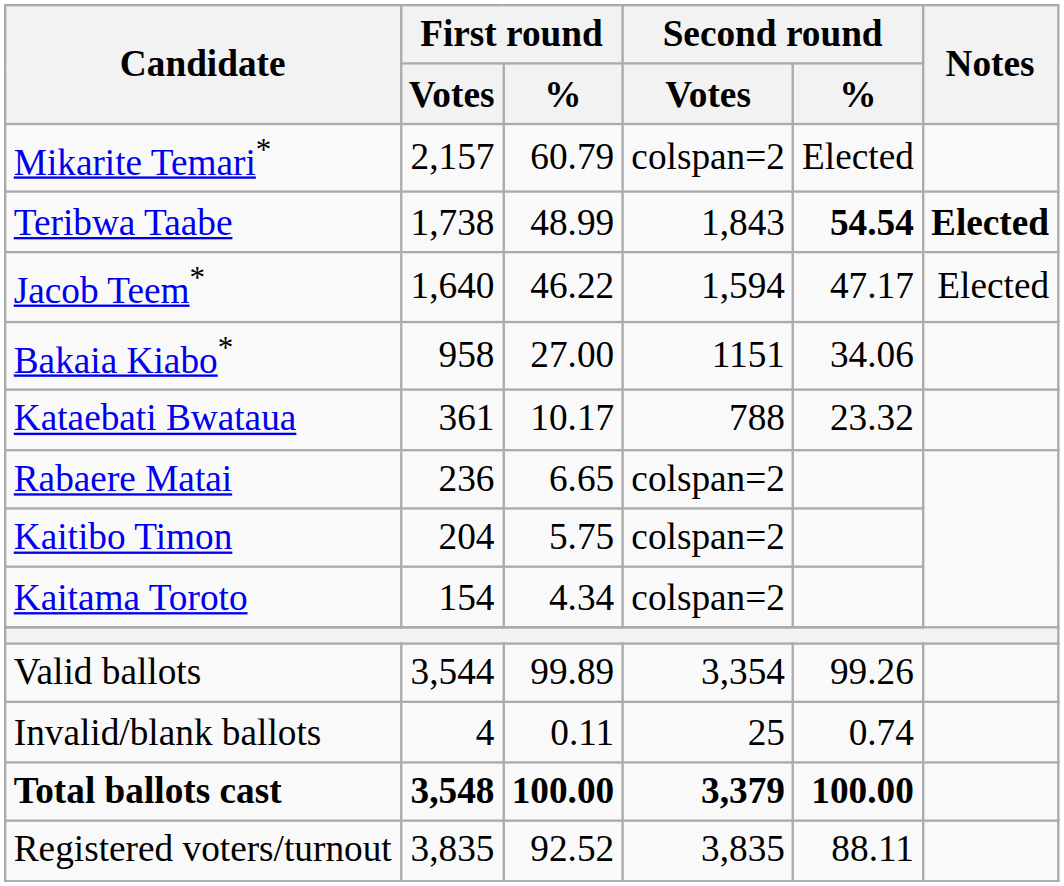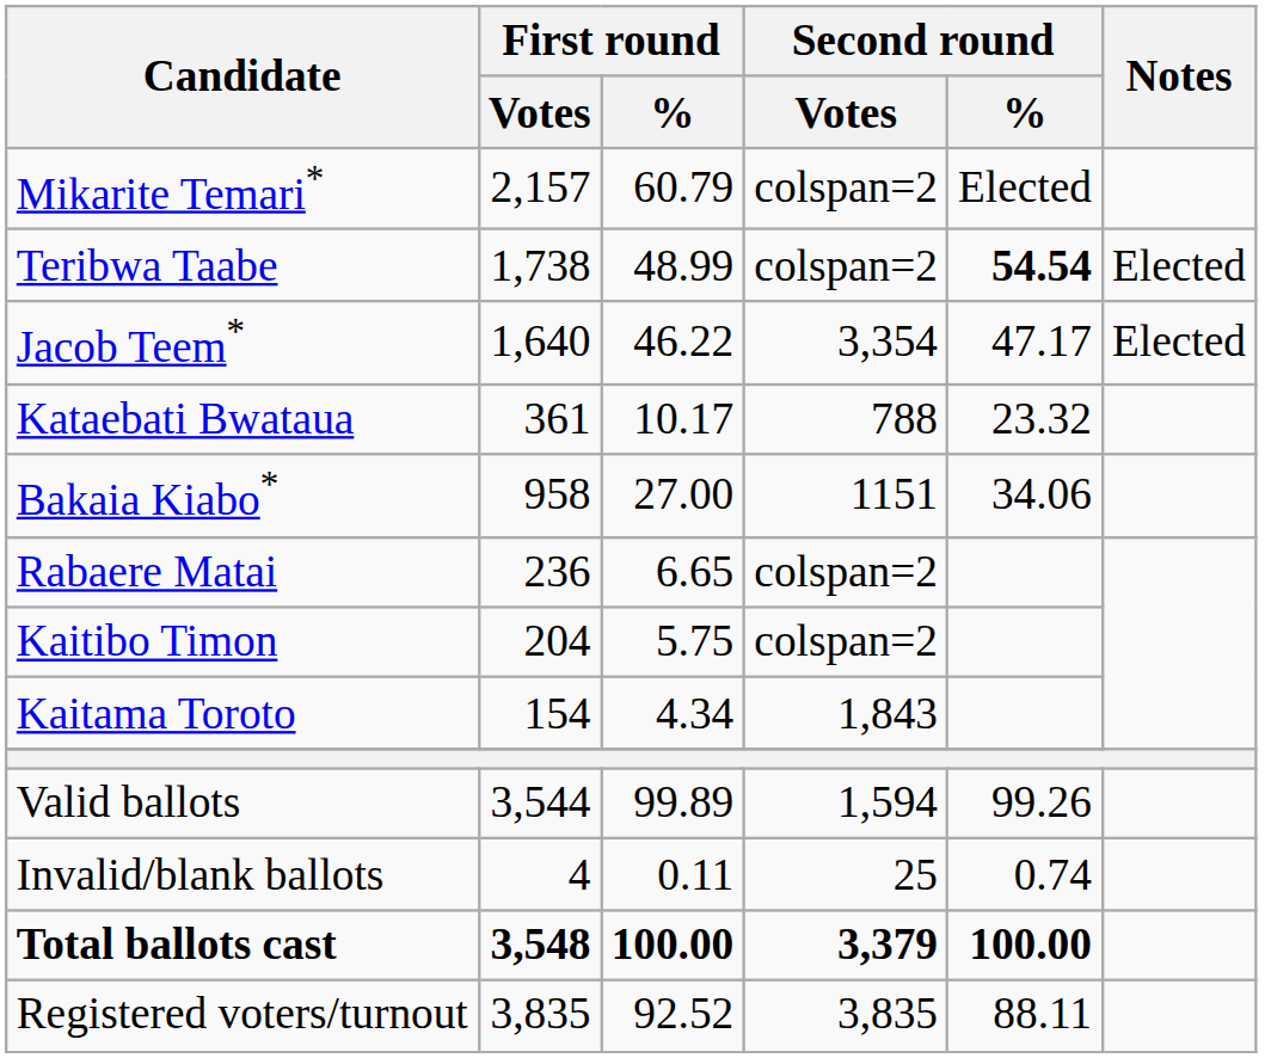 <table class=wikitable style=text-align:right>
 <tr>
 <th rowspan=2>Candidate</th>
 <th colspan=2>First round</th>
 <th colspan=2>Second round</th>
 <th rowspan=2>Notes</th>
 </tr>
 <tr>
 <th>Votes</th>
 <th>%</th>
 <th>Votes</th>
 <th>%</th>
 </tr>
 <tr>
 <td align=left><a href='#'>Mikarite Temari</a><sup>*</sup></td>
 <td>2,157</td>
 <td>60.79</td>
 <td>colspan=2 </td>
 <td>Elected</td>
 </tr>
 <tr>
 <td align=left><a href='#'>Teribwa Taabe</a></td>
 <td>1,738</td>
 <td>48.99</td>
-<td>1,843</td>
+<td>colspan=2 </td>
 <td><strong>54.54</strong></td>
-<td><strong>Elected</strong></td>
+<td>Elected</td>
 </tr>
 <tr>
 <td align=left><a href='#'>Jacob Teem</a><sup>*</sup></td>
 <td>1,640</td>
 <td>46.22</td>
-<td>1,594</td>
+<td>3,354</td>
 <td>47.17</td>
 <td>Elected</td>
+</tr>
+<tr>
+<td align=left><a href='#'>Kataebati Bwataua</a></td>
+<td>361</td>
+<td>10.17</td>
+<td>788</td>
+<td>23.32</td>
+<td></td>
 </tr>
 <tr>
 <td align=left><a href='#'>Bakaia Kiabo</a><sup>*</sup></td>
 <td>958</td>
 <td>27.00</td>
 <td>1151</td>
 <td>34.06</td>
-<td></td>
-</tr>
-<tr>
-<td align=left><a href='#'>Kataebati Bwataua</a></td>
-<td>361</td>
-<td>10.17</td>
-<td>788</td>
-<td>23.32</td>
 <td></td>
 </tr>
 <tr>
 <td align=left><a href='#'>Rabaere Matai</a></td>
 <td>236</td>
 <td>6.65</td>
 <td>colspan=2 </td>
 <td></td>
 </tr>
 <tr>
 <td align=left><a href='#'>Kaitibo Timon</a></td>
 <td>204</td>
 <td>5.75</td>
 <td>colspan=2 </td>
 <td></td>
 </tr>
 <tr>
 <td align=left><a href='#'>Kaitama Toroto</a></td>
 <td>154</td>
 <td>4.34</td>
-<td>colspan=2 </td>
+<td>1,843</td>
 <td></td>
 </tr>
 <tr>
 </tr>
 <tr>
 <th colspan=6></th>
 </tr>
 <tr>
 <td align=left>Valid ballots</td>
 <td>3,544</td>
 <td>99.89</td>
-<td>3,354</td>
+<td>1,594</td>
 <td>99.26</td>
 <td></td>
 </tr>
 <tr>
 <td align=left>Invalid/blank ballots</td>
 <td>4</td>
 <td>0.11</td>
 <td>25</td>
 <td>0.74</td>
 <td></td>
 </tr>
 <tr style="font-weight:bold">
 <td align=left>Total ballots cast</td>
 <td>3,548</td>
 <td>100.00</td>
 <td>3,379</td>
 <td>100.00</td>
 <td></td>
 </tr>
 <tr>
 <td align=left>Registered voters/turnout</td>
 <td>3,835</td>
 <td>92.52</td>
 <td>3,835</td>
 <td>88.11</td>
 <td></td>
 </tr>
 </table>
